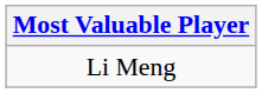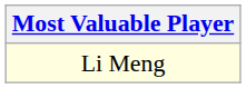 <table class=wikitable style="text-align:center; margin:auto">
 <tr>
 <th><a href='#'>Most Valuable Player</a></th>
 </tr>
 <tr>
-<td> Li Meng</td>
+<td style="background: lightyellow;"> Li Meng</td>
 </tr>
 </table>
